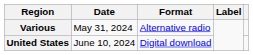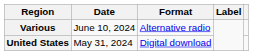 <table class="wikitable plainrowheaders">
 <tr>
 <th scope="col">Region</th>
 <th scope="col">Date</th>
 <th scope="col">Format</th>
 <th scope="col">Label</th>
 <th scope="col"></th>
 </tr>
 <tr>
 <th scope="row">Various</th>
-<td>May 31, 2024</td>
+<td>June 10, 2024</td>
 <td><a href='#'>Alternative radio</a></td>
 <td rowspan="2"></td>
 <td align="center"></td>
 </tr>
 <tr>
 <th scope="row">United States</th>
-<td>June 10, 2024</td>
+<td>May 31, 2024</td>
 <td><a href='#'>Digital download</a></td>
 <td align="center"></td>
 </tr>
 </table>
